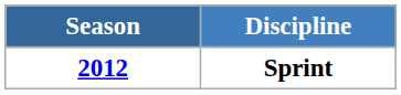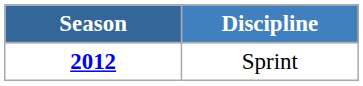 <table class="wikitable" style="font-size:95%; text-align:center; border:grey solid 1px; border-collapse:collapse; background:#ffffff;">
 <tr style="background-color:#369; color:white;">
 <td rowspan="2" colspan="1" style="width:110px"><strong>Season</strong></td>
 </tr>
 <tr style="background-color:#4180be; color:white;">
 <td style="width:110px"><strong>Discipline</strong></td>
 </tr>
 <tr>
 <td align=center><strong><a href='#'>2012</a></strong></td>
-<td align=center><strong>Sprint</strong></td>
+<td align=center>Sprint</td>
 </tr>
 </table>
